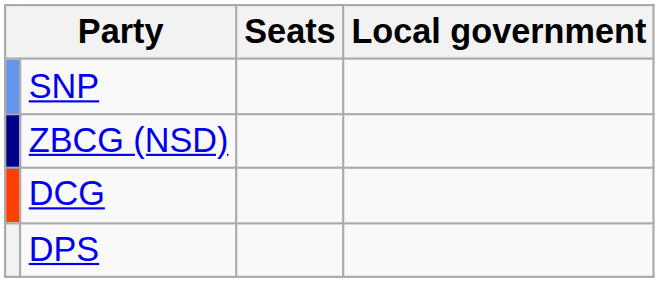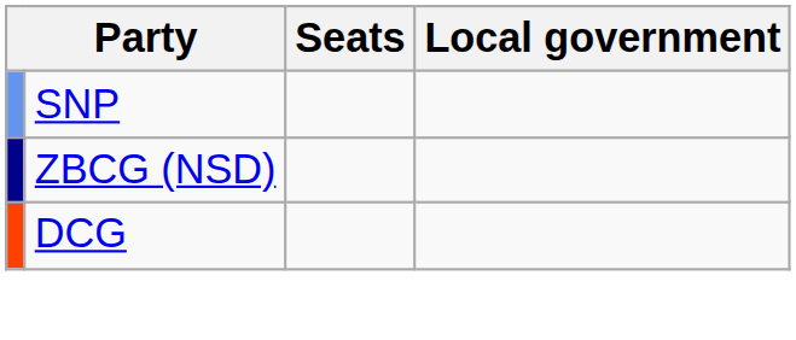 <table class="wikitable" style="text-align:left;">
 <tr>
 <th colspan=2>Party</th>
 <th>Seats</th>
 <th>Local government</th>
 </tr>
 <tr>
 <th style="background-color: cornflowerblue"></th>
 <td><a href='#'>SNP</a></td>
 <td></td>
 <td></td>
 </tr>
 <tr>
 <th style="background-color: #00008B"></th>
 <td><a href='#'>ZBCG (NSD)</a></td>
 <td></td>
 <td></td>
 </tr>
 <tr>
 <th style="background-color: #ff4000"></th>
 <td><a href='#'>DCG</a></td>
 <td></td>
 <td></td>
 </tr>
-<tr>
-<th style="background-color: "></th>
-<td><a href='#'>DPS</a></td>
-<td></td>
-<td></td>
-</tr>
 </table>
